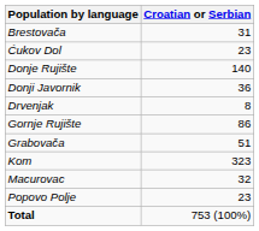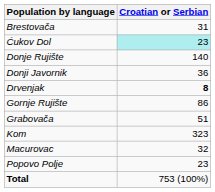 <table class="wikitable sortable">
 <tr>
 <th>Population by language</th>
 <th><a href='#'>Croatian</a> or <a href='#'>Serbian</a></th>
 </tr>
 <tr>
 <td><em>Brestovača</em></td>
 <td align="right">31</td>
 </tr>
 <tr>
 <td><em>Ćukov Dol</em></td>
-<td align="right">23</td>
+<td align="right" style="background: paleturquoise;">23</td>
 </tr>
 <tr>
 <td><em>Donje Rujište</em></td>
 <td align="right">140</td>
 </tr>
 <tr>
 <td><em>Donji Javornik</em></td>
 <td align="right">36</td>
 </tr>
 <tr>
 <td><em>Drvenjak</em></td>
-<td align="right">8</td>
+<td align="right"><strong>8</strong></td>
 </tr>
 <tr>
 <td><em>Gornje Rujište</em></td>
 <td align="right">86</td>
 </tr>
 <tr>
 <td><em>Grabovača</em></td>
 <td align="right">51</td>
 </tr>
 <tr>
 <td><em>Kom</em></td>
 <td align="right">323</td>
 </tr>
 <tr>
 <td><em>Macurovac</em></td>
 <td align="right">32</td>
 </tr>
 <tr>
 <td><em>Popovo Polje</em></td>
 <td align="right">23</td>
 </tr>
 <tr>
 <td><strong>Total</strong></td>
 <td align="right">753 (100%)</td>
 </tr>
 </table>
